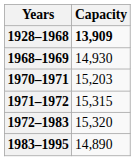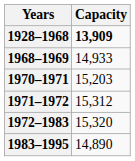 <table class="wikitable">
 <tr>
 <th>Years</th>
 <th>Capacity</th>
 </tr>
 <tr>
 <th>1928–1968</th>
 <td><strong>13,909</strong></td>
 </tr>
 <tr>
 <th>1968–1969</th>
-<td>14,930</td>
+<td>14,933</td>
 </tr>
 <tr>
 <th>1970–1971</th>
 <td>15,203</td>
 </tr>
 <tr>
 <th>1971–1972</th>
-<td>15,315</td>
+<td>15,312</td>
 </tr>
 <tr>
 <th>1972–1983</th>
 <td>15,320</td>
 </tr>
 <tr>
 <th>1983–1995</th>
 <td>14,890</td>
 </tr>
 </table>
